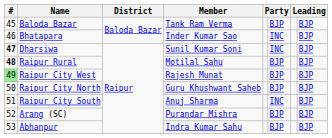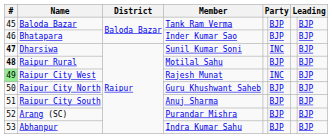 <table class="wikitable">
 <tr>
 <th>#</th>
 <th>Name</th>
 <th>District</th>
 <th>Member</th>
 <th colspan="2">Party</th>
 <th colspan="2">Leading<br></th>
 </tr>
 <tr>
 <td>45</td>
 <td><a href='#'>Baloda Bazar</a></td>
 <td rowspan="2"><a href='#'>Baloda Bazar</a></td>
 <td><a href='#'>Tank Ram Verma</a></td>
 <td style="background-color: "></td>
 <td><a href='#'>BJP</a></td>
 <td style="background-color: "></td>
 <td><a href='#'>BJP</a></td>
 </tr>
 <tr>
 <td>46</td>
 <td><a href='#'>Bhatapara</a></td>
 <td><a href='#'>Inder Kumar Sao</a></td>
 <td style="background-color: "></td>
-<td><a href='#'>INC</a></td>
+<td><a href='#'>BJP</a></td>
 <td style="background-color: "></td>
 <td><a href='#'>BJP</a></td>
 </tr>
 <tr>
 <td><strong>47</strong></td>
 <td><a href='#'>Dharsiwa</a></td>
 <td rowspan="7"><a href='#'>Raipur</a></td>
 <td><a href='#'>Sunil Kumar Soni</a></td>
 <td style="background-color: "></td>
 <td><a href='#'>INC</a></td>
 <td style="background-color: "></td>
 <td><a href='#'>BJP</a></td>
 </tr>
 <tr>
 <td><strong>48</strong></td>
 <td><a href='#'>Raipur Rural</a></td>
 <td><a href='#'>Motilal Sahu</a></td>
 <td style="background-color: "></td>
 <td><a href='#'>BJP</a></td>
 <td style="background-color: "></td>
 <td><a href='#'>BJP</a></td>
 </tr>
 <tr>
 <td style="background: lightgreen;">49</td>
 <td><a href='#'>Raipur City West</a></td>
 <td><a href='#'>Rajesh Munat</a></td>
 <td style="background-color: "></td>
-<td><a href='#'>BJP</a></td>
+<td><a href='#'>INC</a></td>
 <td style="background-color: "></td>
 <td><a href='#'>BJP</a></td>
 </tr>
 <tr>
 <td>50</td>
 <td><a href='#'>Raipur City North</a></td>
 <td><a href='#'>Guru Khushwant Saheb</a></td>
 <td style="background-color: "></td>
 <td><a href='#'>BJP</a></td>
 <td style="background-color: "></td>
 <td><a href='#'>BJP</a></td>
 </tr>
 <tr>
 <td>51</td>
 <td><a href='#'>Raipur City South</a></td>
 <td><a href='#'>Anuj Sharma</a></td>
 <td style="background-color: "></td>
-<td><a href='#'>INC</a></td>
+<td><a href='#'>BJP</a></td>
 <td style="background-color: "></td>
 <td><a href='#'>BJP</a></td>
 </tr>
 <tr>
 <td>52</td>
 <td><a href='#'>Arang</a> (SC)</td>
 <td><a href='#'>Purandar Mishra</a></td>
 <td style="background-color: "></td>
 <td><a href='#'>BJP</a></td>
 <td style="background-color: "></td>
 <td><a href='#'>BJP</a></td>
 </tr>
 <tr>
 <td>53</td>
 <td><a href='#'>Abhanpur</a></td>
 <td><a href='#'>Indra Kumar Sahu</a></td>
 <td style="background-color: "></td>
 <td><a href='#'>BJP</a></td>
 <td style="background-color: "></td>
 <td><a href='#'>BJP</a></td>
 </tr>
 </table>
